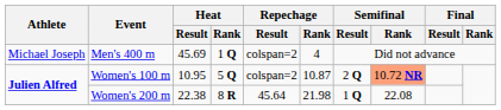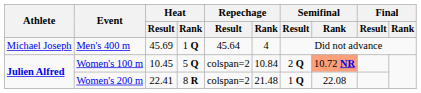 <table class="wikitable" style="font-size:90%">
 <tr>
 <th rowspan="2">Athlete</th>
 <th rowspan="2">Event</th>
 <th colspan="2">Heat</th>
 <th colspan="2">Repechage</th>
 <th colspan="2">Semifinal</th>
 <th colspan="2">Final</th>
 </tr>
 <tr style="font-size:95%">
 <th>Result</th>
 <th>Rank</th>
 <th>Result</th>
 <th>Rank</th>
 <th>Result</th>
 <th>Rank</th>
 <th>Result</th>
 <th>Rank</th>
 </tr>
 <tr align=center>
 <td align=left><a href='#'>Michael Joseph</a></td>
 <td align=left><a href='#'>Men's 400 m</a></td>
 <td>45.69</td>
 <td>1 <strong>Q</strong></td>
-<td>colspan=2 </td>
+<td>45.64</td>
 <td>4</td>
 <td colspan=4>Did not advance</td>
 </tr>
 <tr align=center>
 <td align=left rowspan=2><strong><a href='#'>Julien Alfred</a></strong></td>
 <td align=left><a href='#'>Women's 100 m</a></td>
-<td>10.95</td>
+<td>10.45</td>
 <td>5 <strong>Q</strong></td>
 <td>colspan=2 </td>
-<td>10.87</td>
+<td>10.84</td>
 <td>2 <strong>Q</strong></td>
 <td style="background: lightsalmon;">10.72 <strong><a href='#'>NR</a></strong></td>
 <td></td>
 </tr>
 <tr align=center>
 <td align=left><a href='#'>Women's 200 m</a></td>
-<td>22.38</td>
+<td>22.41</td>
 <td>8 <strong>R</strong></td>
-<td>45.64</td>
-<td>21.98</td>
+<td>colspan=2 </td>
+<td>21.48</td>
 <td>1 <strong>Q</strong></td>
 <td>22.08</td>
 <td></td>
 </tr>
 </table>
